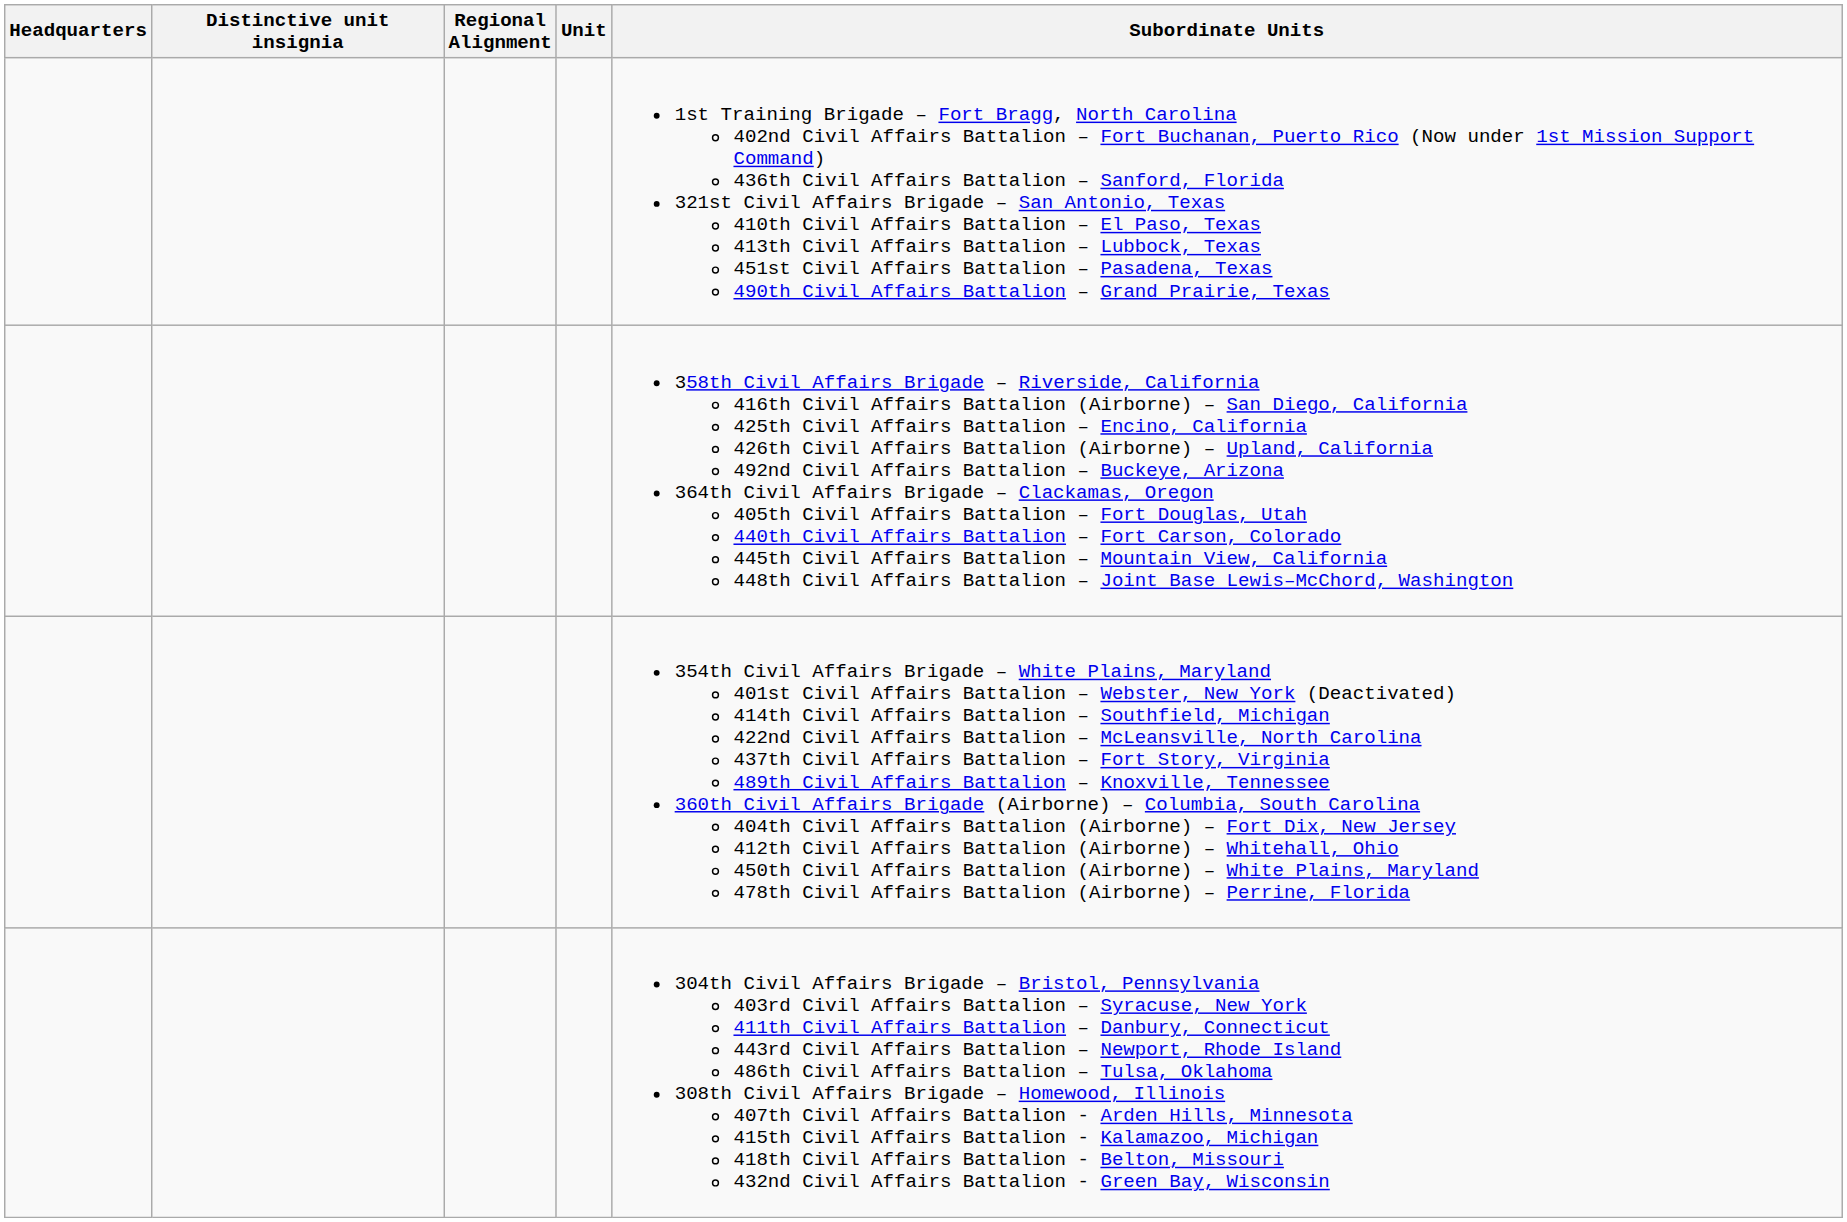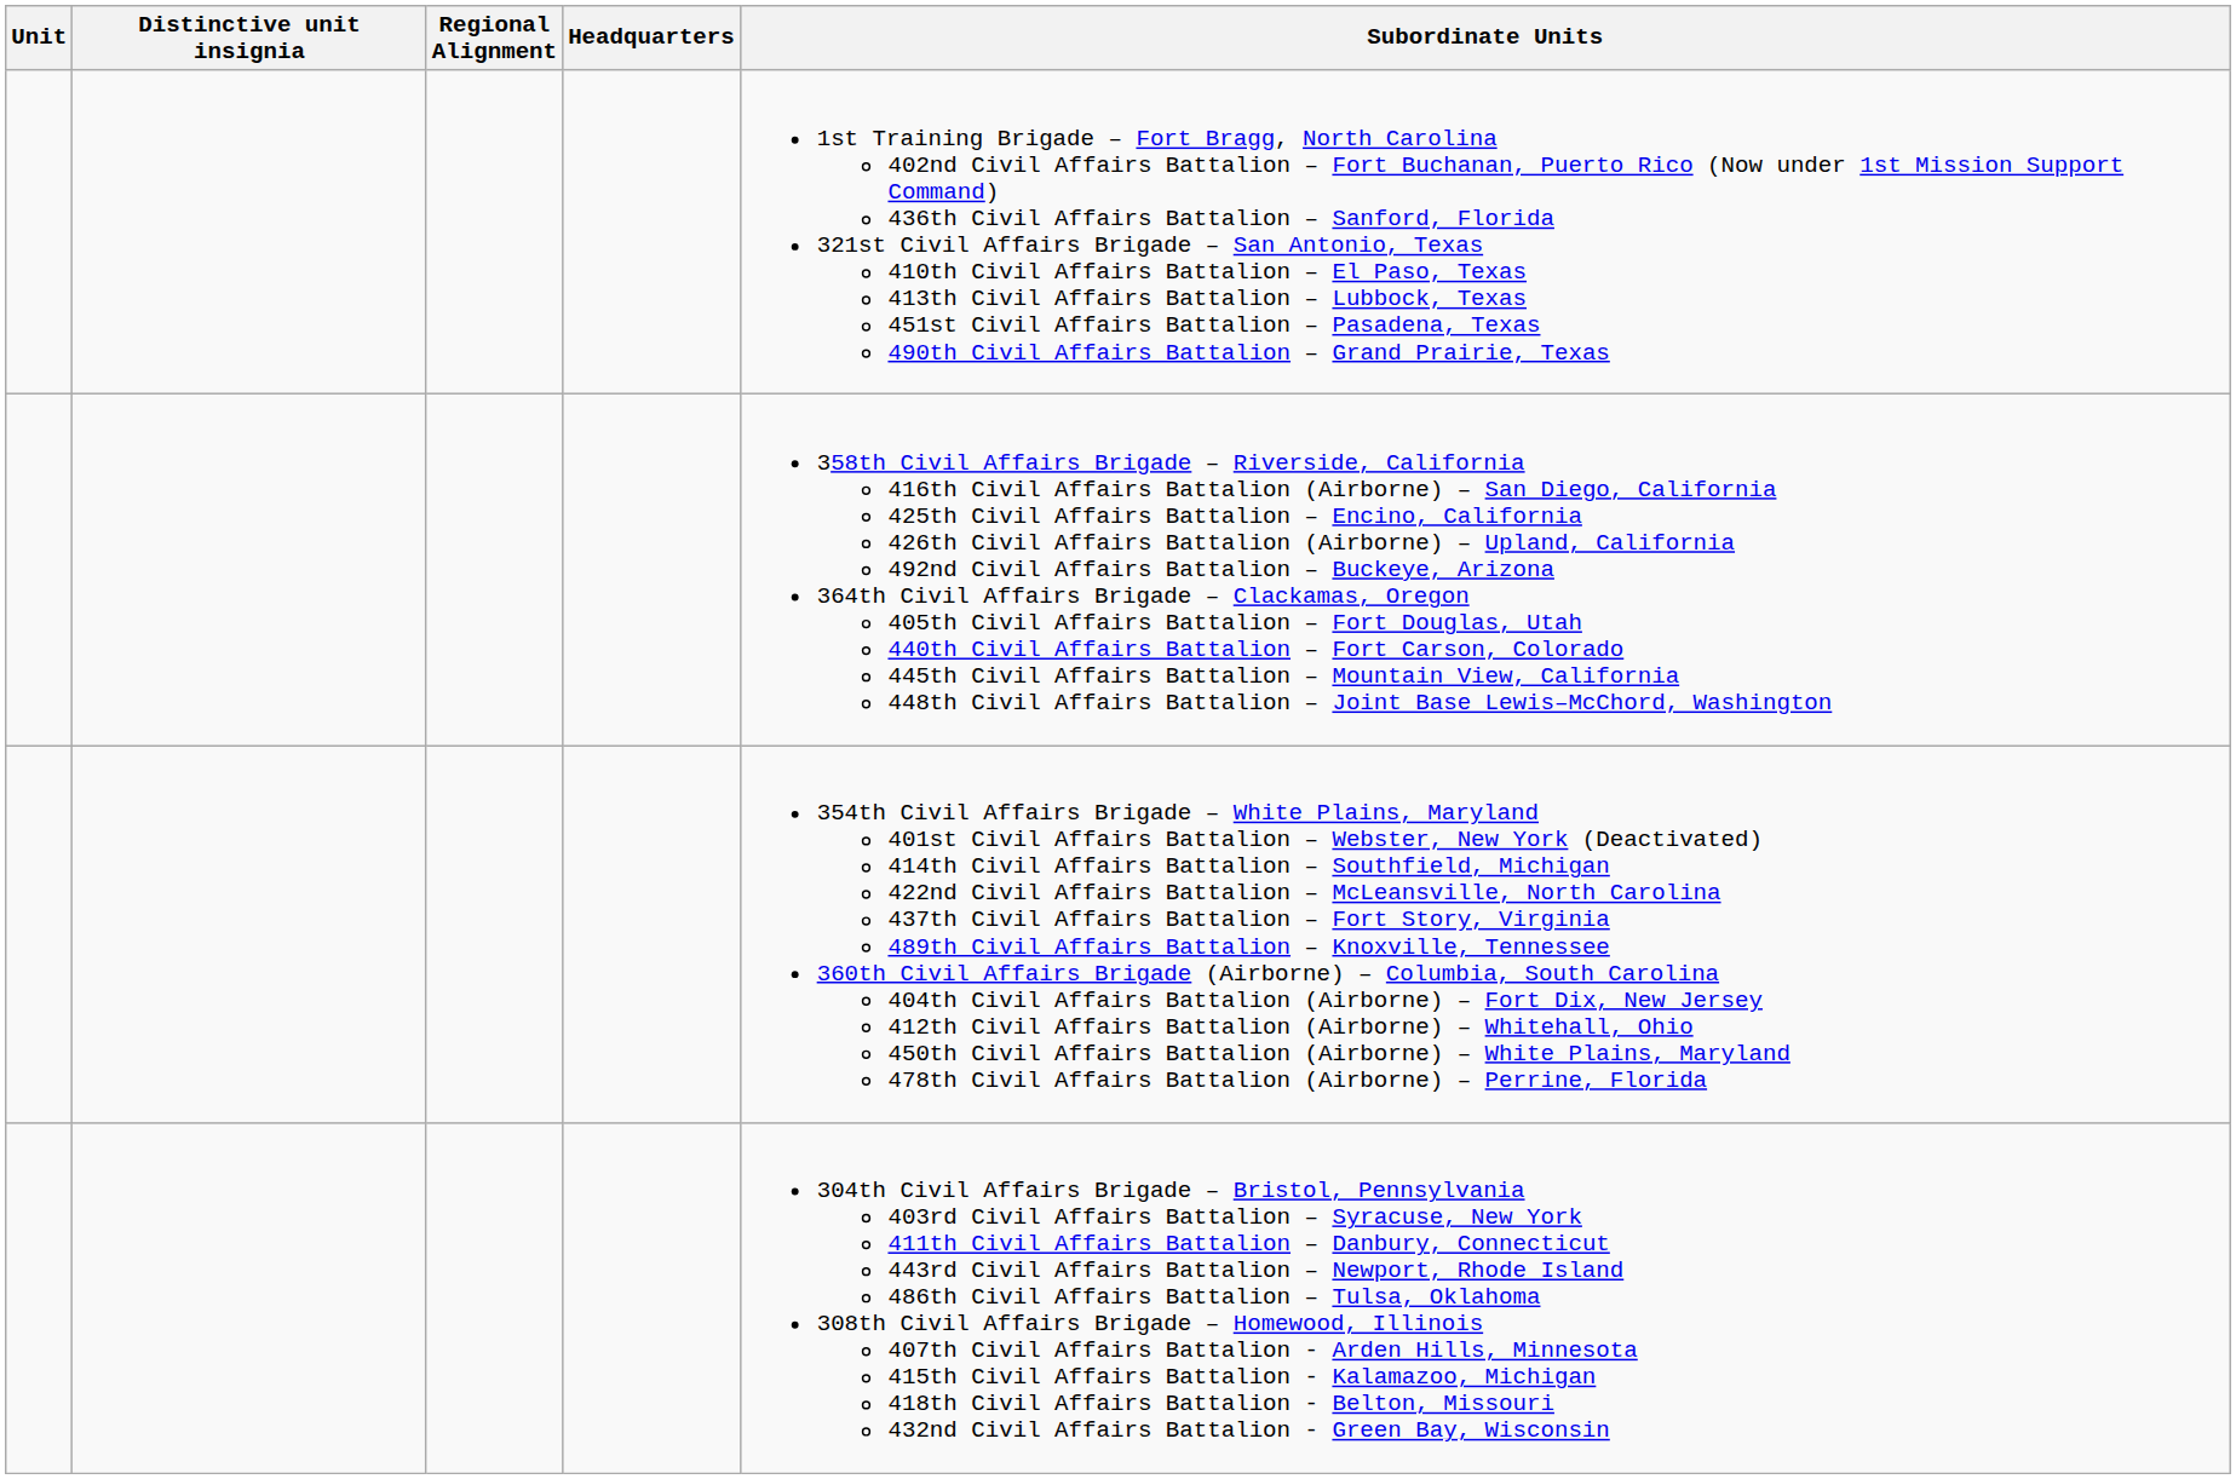 <table class="wikitable">
 <tr>
-<th>Headquarters</th>
+<th>Unit</th>
 <th>Distinctive unit insignia</th>
 <th>Regional<br>Alignment</th>
-<th>Unit</th>
+<th>Headquarters</th>
 <th>Subordinate Units</th>
 </tr>
 <tr>
 <td></td>
 <td></td>
 <td></td>
 <td></td>
 <td><br><ul><li> 1st Training Brigade – <a href='#'>Fort Bragg</a>, <a href='#'>North Carolina</a><ul><li> 402nd Civil Affairs Battalion – <a href='#'>Fort Buchanan, Puerto Rico</a> (Now under <a href='#'>1st Mission Support Command</a>)</li><li> 436th Civil Affairs Battalion – <a href='#'>Sanford, Florida</a></li></ul></li><li> 321st Civil Affairs Brigade – <a href='#'>San Antonio, Texas</a><ul><li> 410th Civil Affairs Battalion – <a href='#'>El Paso, Texas</a></li><li> 413th Civil Affairs Battalion – <a href='#'>Lubbock, Texas</a></li><li> 451st Civil Affairs Battalion – <a href='#'>Pasadena, Texas</a></li><li> <a href='#'>490th Civil Affairs Battalion</a> – <a href='#'>Grand Prairie, Texas</a></li></ul></li></ul></td>
 </tr>
 <tr>
 <td></td>
 <td></td>
 <td></td>
 <td></td>
 <td><br><ul><li> 3<a href='#'>58th Civil Affairs Brigade</a> – <a href='#'>Riverside, California</a><ul><li> 416th Civil Affairs Battalion (Airborne) – <a href='#'>San Diego, California</a></li><li> 425th Civil Affairs Battalion – <a href='#'>Encino, California</a></li><li> 426th Civil Affairs Battalion (Airborne) – <a href='#'>Upland, California</a></li><li> 492nd Civil Affairs Battalion – <a href='#'>Buckeye, Arizona</a></li></ul></li><li> 364th Civil Affairs Brigade – <a href='#'>Clackamas, Oregon</a><ul><li> 405th Civil Affairs Battalion – <a href='#'>Fort Douglas, Utah</a></li><li> <a href='#'>440th Civil Affairs Battalion</a> – <a href='#'>Fort Carson, Colorado</a></li><li> 445th Civil Affairs Battalion – <a href='#'>Mountain View, California</a></li><li> 448th Civil Affairs Battalion – <a href='#'>Joint Base Lewis–McChord, Washington</a></li></ul></li></ul></td>
 </tr>
 <tr>
 <td></td>
 <td></td>
 <td></td>
 <td></td>
 <td><br><ul><li> 354th Civil Affairs Brigade – <a href='#'>White Plains, Maryland</a><ul><li> 401st Civil Affairs Battalion – <a href='#'>Webster, New York</a> (Deactivated)</li><li> 414th Civil Affairs Battalion – <a href='#'>Southfield, Michigan</a></li><li> 422nd Civil Affairs Battalion – <a href='#'>McLeansville, North Carolina</a></li><li> 437th Civil Affairs Battalion – <a href='#'>Fort Story, Virginia</a></li><li> <a href='#'>489th Civil Affairs Battalion</a> – <a href='#'>Knoxville, Tennessee</a></li></ul></li><li> <a href='#'>360th Civil Affairs Brigade</a> (Airborne) – <a href='#'>Columbia, South Carolina</a><ul><li> 404th Civil Affairs Battalion (Airborne) – <a href='#'>Fort Dix, New Jersey</a></li><li> 412th Civil Affairs Battalion (Airborne) – <a href='#'>Whitehall, Ohio</a></li><li> 450th Civil Affairs Battalion (Airborne) – <a href='#'>White Plains, Maryland</a></li><li> 478th Civil Affairs Battalion (Airborne) – <a href='#'>Perrine, Florida</a></li></ul></li></ul></td>
 </tr>
 <tr>
 <td></td>
 <td></td>
 <td></td>
 <td></td>
 <td><br><ul><li> 304th Civil Affairs Brigade – <a href='#'>Bristol, Pennsylvania</a><ul><li> 403rd Civil Affairs Battalion – <a href='#'>Syracuse, New York</a></li><li> <a href='#'>411th Civil Affairs Battalion</a> – <a href='#'>Danbury, Connecticut</a></li><li> 443rd Civil Affairs Battalion – <a href='#'>Newport, Rhode Island</a></li><li> 486th Civil Affairs Battalion – <a href='#'>Tulsa, Oklahoma</a></li></ul></li><li> 308th Civil Affairs Brigade – <a href='#'>Homewood, Illinois</a><ul><li> 407th Civil Affairs Battalion - <a href='#'>Arden Hills, Minnesota</a></li><li> 415th Civil Affairs Battalion - <a href='#'>Kalamazoo, Michigan</a></li><li> 418th Civil Affairs Battalion - <a href='#'>Belton, Missouri</a></li><li> 432nd Civil Affairs Battalion - <a href='#'>Green Bay, Wisconsin</a></li></ul></li></ul></td>
 </tr>
 </table>
